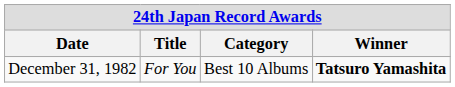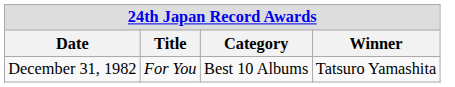 <table class="wikitable" border="1">
 <tr>
 <td colspan=4 bgcolor="#DDDDDD" align=center><strong><a href='#'>24th Japan Record Awards</a></strong></td>
 </tr>
 <tr>
 <th align="center">Date</th>
 <th align="center">Title</th>
 <th align="center">Category</th>
 <th align="center">Winner</th>
 </tr>
 <tr>
 <td align="left">December 31, 1982</td>
 <td align="left"><em>For You</em></td>
 <td align="left">Best 10 Albums</td>
-<td align="left"><strong>Tatsuro Yamashita</strong></td>
+<td align="left">Tatsuro Yamashita</td>
 </tr>
 </table>
